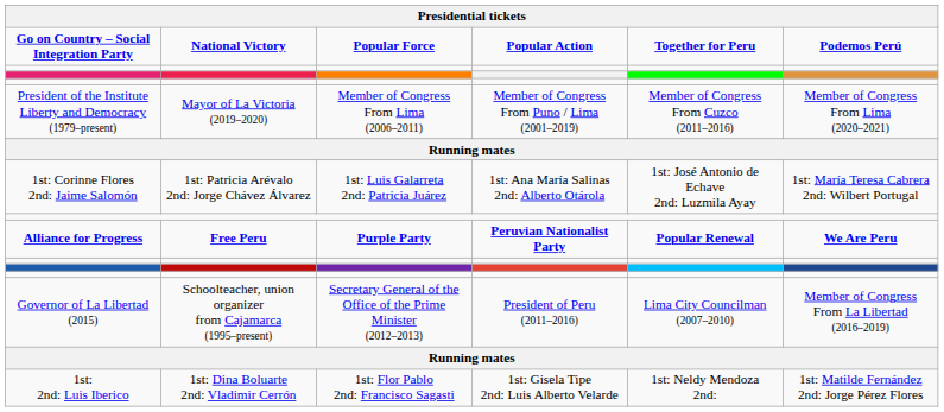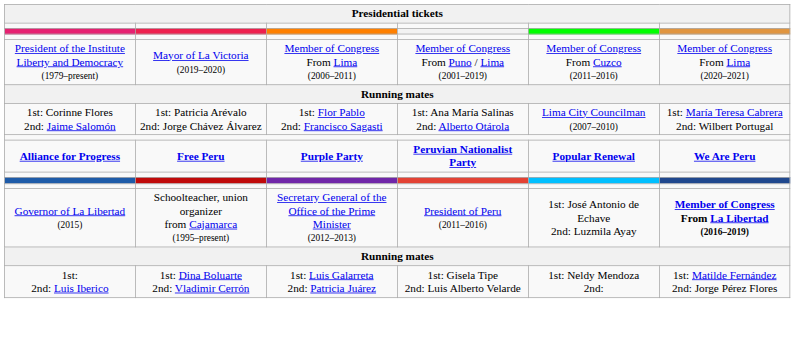 <table class="wikitable" style="font-size:90%; text-align:center;">
 <tr>
 <td colspan="6" style="background:#f1f1f1; width:850px;"><strong>Presidential tickets</strong></td>
-</tr>
-<tr>
-<td><strong><a href='#'>Go on Country – Social Integration Party</a></strong></td>
-<td><strong><a href='#'>National Victory</a></strong></td>
-<td><strong><a href='#'>Popular Force</a></strong></td>
-<td><strong><a href='#'>Popular Action</a></strong></td>
-<td><strong><a href='#'>Together for Peru</a></strong></td>
-<td><strong><a href='#'>Podemos Perú</a></strong></td>
 </tr>
 <tr>
 <td></td>
 <td></td>
 <td></td>
 <td></td>
 <td></td>
 <td></td>
 </tr>
 <tr>
 <th style="width:160px; font-size:120%; background:#E62171;"><a href='#'></a></th>
 <th style="width:160px; font-size:120%; background:#EE204E;"><a href='#'></a></th>
 <th style="width:160px; font-size:120%; background:#FF8000;"><a href='#'></a></th>
 <th style="width:160px; font-size:120%; background:"><a href='#'></a></th>
 <th style="width:160px; font-size:120%; background:#00FF00;"><a href='#'></a></th>
 <th style="width:160px; font-size:120%; background:#E09540;"><a href='#'></a></th>
 </tr>
 <tr>
 <td></td>
 <td></td>
 <td></td>
 <td></td>
 <td></td>
 <td></td>
 </tr>
 <tr>
 <td><a href='#'>President of the Institute Liberty and Democracy</a><br><small>(1979–present)</small></td>
 <td><a href='#'>Mayor of La Victoria</a><br><small>(2019–2020)</small></td>
 <td><a href='#'>Member of Congress</a><br>From <a href='#'>Lima</a><br><small>(2006–2011)</small></td>
 <td><a href='#'>Member of Congress</a><br>From <a href='#'>Puno</a> / <a href='#'>Lima</a><br><small>(2001–2019)</small></td>
 <td><a href='#'>Member of Congress</a><br>From <a href='#'>Cuzco</a><br><small>(2011–2016)</small></td>
 <td><a href='#'>Member of Congress</a><br>From <a href='#'>Lima</a><br><small>(2020–2021)</small></td>
 </tr>
 <tr>
 <td colspan="6" style="background:#f1f1f1; width:850px;"><strong>Running mates</strong></td>
 </tr>
 <tr>
 <td>1st: Corinne Flores<br>2nd: <a href='#'>Jaime Salomón</a></td>
 <td>1st: Patricia Arévalo<br>2nd: Jorge Chávez Álvarez</td>
-<td>1st: <a href='#'>Luis Galarreta</a><br>2nd: <a href='#'>Patricia Juárez</a></td>
+<td>1st: <a href='#'>Flor Pablo</a><br>2nd: <a href='#'>Francisco Sagasti</a></td>
 <td>1st: Ana María Salinas<br>2nd: <a href='#'>Alberto Otárola</a></td>
-<td>1st: José Antonio de Echave<br>2nd: Luzmila Ayay</td>
+<td><a href='#'>Lima City Councilman</a><br><small>(2007–2010)</small></td>
 <td>1st: <a href='#'>María Teresa Cabrera</a><br>2nd: Wilbert Portugal</td>
 </tr>
 <tr>
 <td colspan="6"></td>
 </tr>
 <tr>
 <td><strong><a href='#'>Alliance for Progress</a></strong></td>
 <td><strong><a href='#'>Free Peru</a></strong></td>
 <td><strong><a href='#'>Purple Party</a></strong></td>
 <td><strong><a href='#'>Peruvian Nationalist Party</a></strong></td>
 <td><strong><a href='#'>Popular Renewal</a></strong></td>
 <td><strong><a href='#'>We Are Peru</a></strong></td>
 </tr>
 <tr>
 <td></td>
 <td></td>
 <td></td>
 <td></td>
 <td></td>
 <td></td>
 </tr>
 <tr>
 <th style="width:160px; font-size:120%; background:#1E5BA8;"><a href='#'></a></th>
 <th style="width:160px; font-size:120%; background:#C00A0A;"><a href='#'></a></th>
 <th style="width:160px; font-size:120%; background:#7026A8;"><a href='#'></a></th>
 <th style="width:160px; font-size:120%; background:#E34234;"><a href='#'></a></th>
 <th style="width:160px; font-size:120%; background:#00BFFF;"><a href='#'></a></th>
 <th style="width:160px; font-size:120%; background:#20488E;"><a href='#'></a></th>
 </tr>
 <tr>
 <td></td>
 <td></td>
 <td></td>
 <td></td>
 <td></td>
 <td></td>
 </tr>
 <tr>
 <td><a href='#'>Governor of La Libertad</a><br><small>(2015)</small></td>
 <td>Schoolteacher, union organizer<br>from <a href='#'>Cajamarca</a><br><small>(1995–present)</small></td>
 <td><a href='#'>Secretary General of the Office of the Prime Minister</a><br><small>(2012–2013)</small></td>
 <td><a href='#'>President of Peru</a><br><small>(2011–2016)</small></td>
-<td><a href='#'>Lima City Councilman</a><br><small>(2007–2010)</small></td>
-<td><a href='#'>Member of Congress</a><br>From <a href='#'>La Libertad</a><br><small>(2016–2019)</small></td>
+<td>1st: José Antonio de Echave<br>2nd: Luzmila Ayay</td>
+<td><strong><a href='#'>Member of Congress</a><br>From <a href='#'>La Libertad</a><br><small>(2016–2019)</small></strong></td>
 </tr>
 <tr>
 <td colspan="6" style="background:#f1f1f1; width:850px;"><strong>Running mates</strong></td>
 </tr>
 <tr>
 <td>1st: <br>2nd: <a href='#'>Luis Iberico</a></td>
 <td>1st: <a href='#'>Dina Boluarte</a><br>2nd: <a href='#'>Vladimir Cerrón</a></td>
-<td>1st: <a href='#'>Flor Pablo</a><br>2nd: <a href='#'>Francisco Sagasti</a></td>
+<td>1st: <a href='#'>Luis Galarreta</a><br>2nd: <a href='#'>Patricia Juárez</a></td>
 <td>1st: Gisela Tipe<br>2nd: Luis Alberto Velarde</td>
 <td>1st: Neldy Mendoza<br>2nd: </td>
 <td>1st: <a href='#'>Matilde Fernández</a><br>2nd: Jorge Pérez Flores</td>
 </tr>
 </table>
